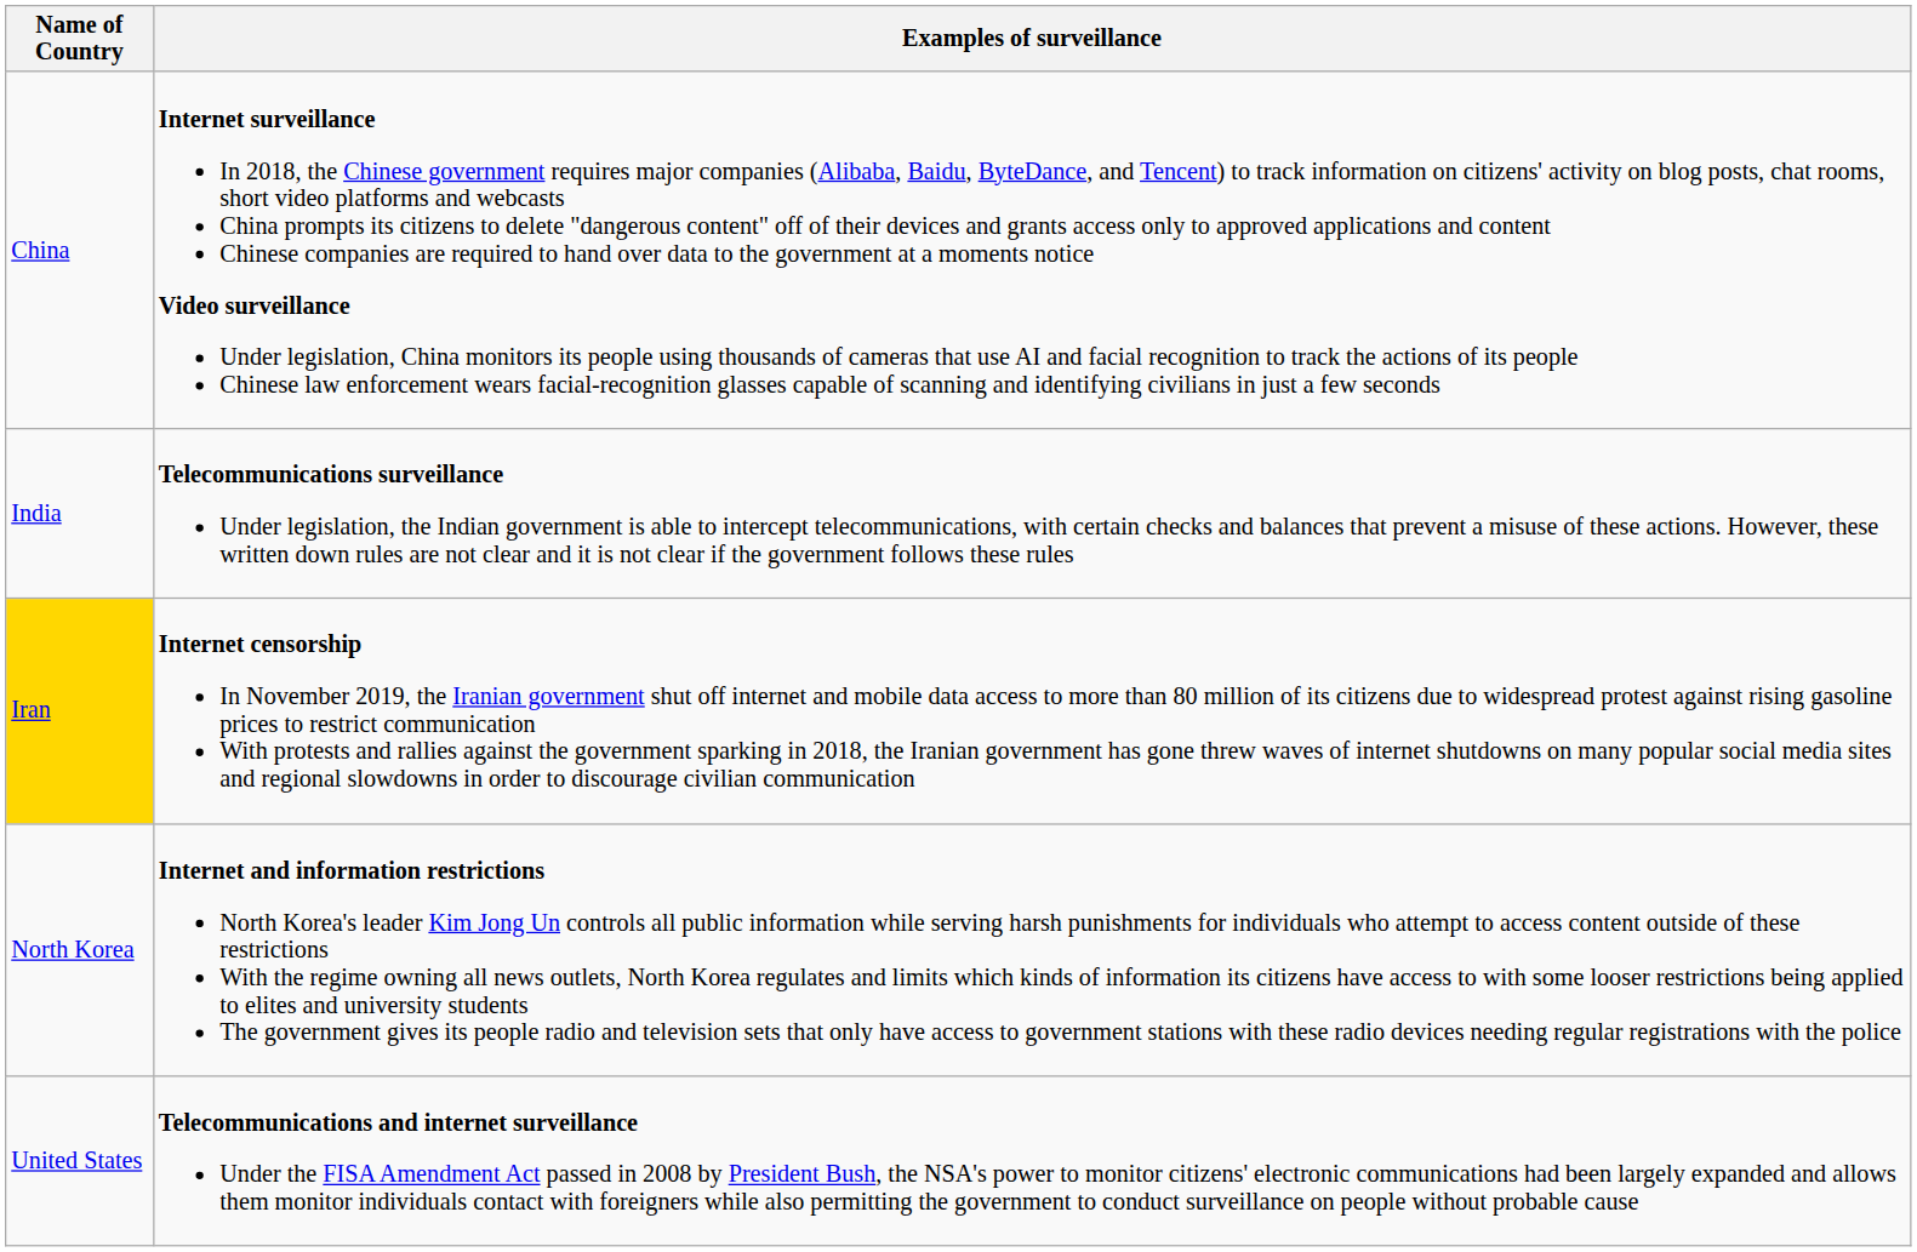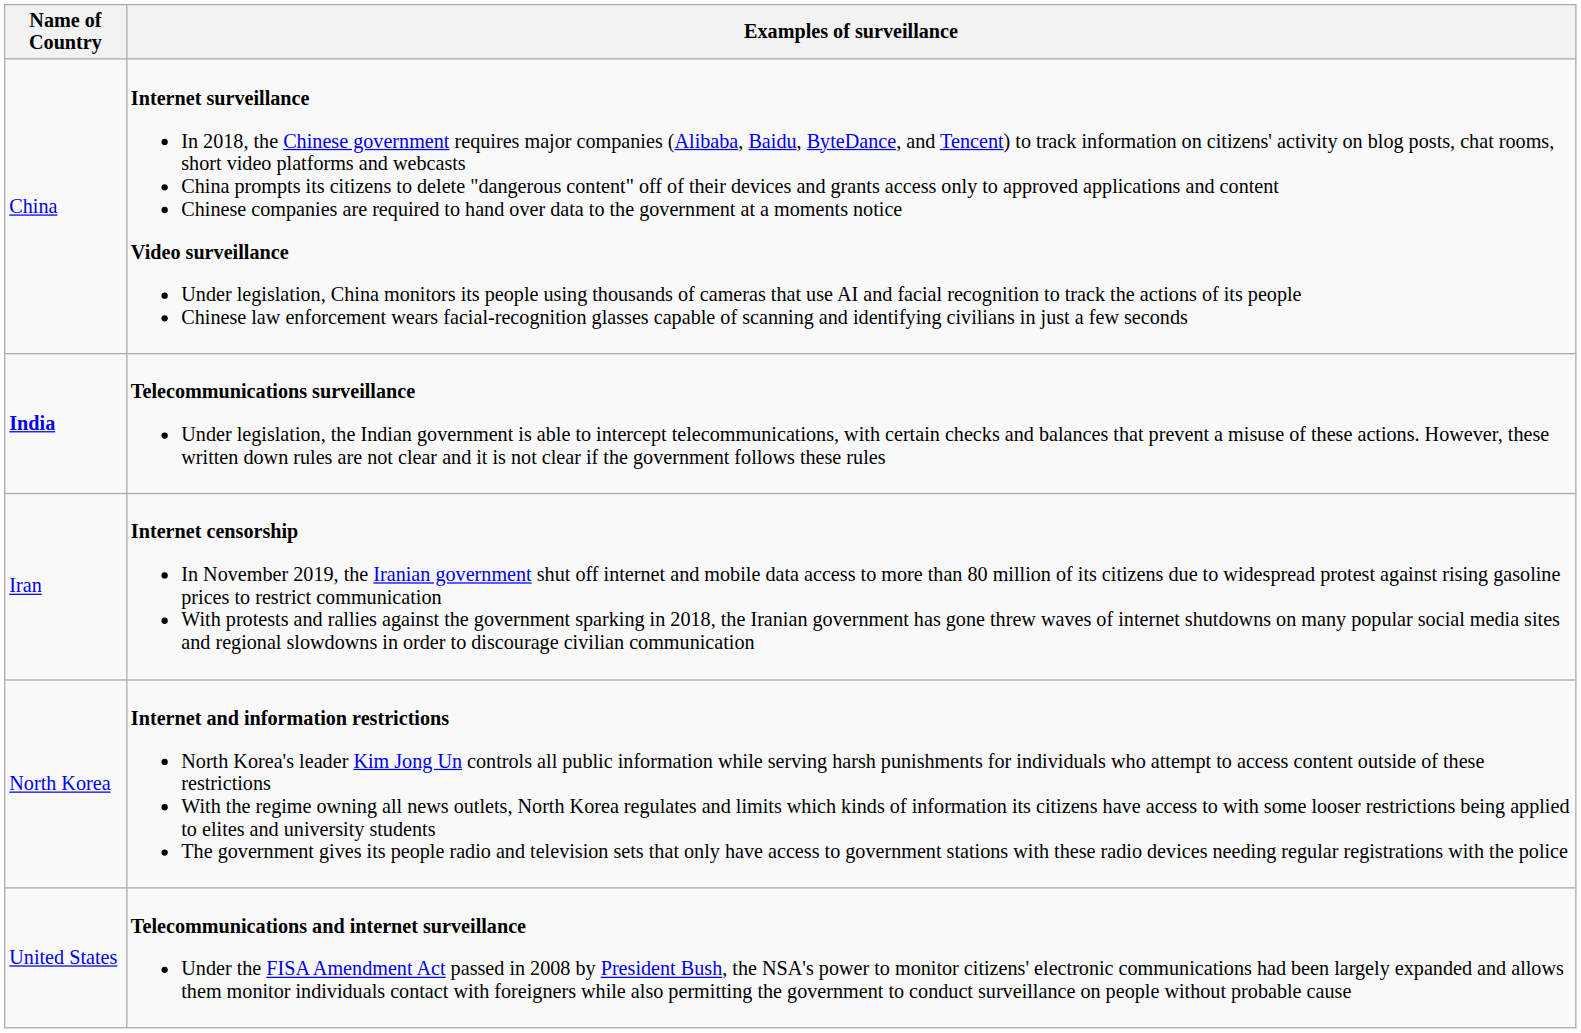 <table class="wikitable">
 <tr>
 <th>Name of Country</th>
 <th>Examples of surveillance</th>
 </tr>
 <tr>
 <td><a href='#'>China</a></td>
 <td><br><strong>Internet surveillance</strong><ul><li>In 2018, the <a href='#'>Chinese government</a> requires major companies (<a href='#'>Alibaba</a>, <a href='#'>Baidu</a>, <a href='#'>ByteDance</a>, and <a href='#'>Tencent</a>) to track information on citizens' activity on blog posts, chat rooms, short video platforms and webcasts</li><li>China prompts its citizens to delete "dangerous content" off of their devices and grants access only to approved applications and content</li><li>Chinese companies are required to hand over data to the government at a moments notice</li></ul><strong>Video surveillance</strong><ul><li>Under legislation, China monitors its people using thousands of cameras that use AI and facial recognition to track the actions of its people</li><li>Chinese law enforcement wears facial-recognition glasses capable of scanning and identifying civilians in just a few seconds</li></ul></td>
 </tr>
 <tr>
-<td><a href='#'>India</a></td>
+<td><strong><a href='#'>India</a></strong></td>
 <td><br><strong>Telecommunications surveillance</strong><ul><li>Under legislation, the Indian government is able to intercept telecommunications, with certain checks and balances that prevent a misuse of these actions. However, these written down rules are not clear and it is not clear if the government follows these rules</li></ul></td>
 </tr>
 <tr>
-<td style="background: gold;"><a href='#'>Iran</a></td>
+<td><a href='#'>Iran</a></td>
 <td><br><strong>Internet censorship</strong><ul><li>In November 2019, the <a href='#'>Iranian government</a> shut off internet and mobile data access to more than 80 million of its citizens due to widespread protest against rising gasoline prices to restrict communication</li><li>With protests and rallies against the government sparking in 2018, the Iranian government has gone threw waves of internet shutdowns on many popular social media sites and regional slowdowns in order to discourage civilian communication</li></ul></td>
 </tr>
 <tr>
 <td><a href='#'>North Korea</a></td>
 <td><br><strong>Internet and information restrictions</strong><ul><li>North Korea's leader <a href='#'>Kim Jong Un</a> controls all public information while serving harsh punishments for individuals who attempt to access content outside of these restrictions</li><li>With the regime owning all news outlets, North Korea regulates and limits which kinds of information its citizens have access to with some looser restrictions being applied to elites and university students</li><li>The government gives its people radio and television sets that only have access to government stations with these radio devices needing regular registrations with the police</li></ul></td>
 </tr>
 <tr>
 <td><a href='#'>United States</a></td>
 <td><br><strong>Telecommunications and internet surveillance</strong><ul><li>Under the <a href='#'>FISA Amendment Act</a> passed in 2008 by <a href='#'>President Bush</a>, the NSA's power to monitor citizens' electronic communications had been largely expanded and allows them monitor individuals contact with foreigners while also permitting the government to conduct surveillance on people without probable cause</li></ul></td>
 </tr>
 </table>
